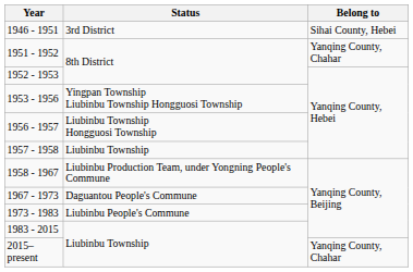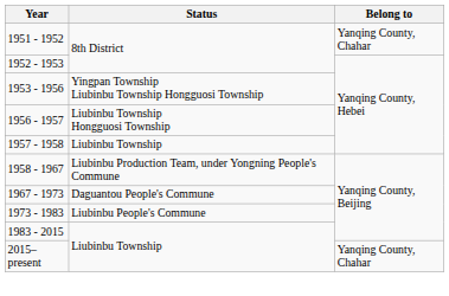 <table class="wikitable">
 <tr>
 <th>Year</th>
 <th>Status</th>
 <th>Belong to</th>
-</tr>
-<tr>
-<td>1946 - 1951</td>
-<td>3rd District</td>
-<td>Sihai County, Hebei</td>
 </tr>
 <tr>
 <td>1951 - 1952</td>
 <td rowspan="2">8th District</td>
 <td>Yanqing County, Chahar</td>
 </tr>
 <tr>
 <td>1952 - 1953</td>
 <td rowspan="4">Yanqing County, Hebei</td>
 </tr>
 <tr>
 <td>1953 - 1956</td>
 <td>Yingpan Township<br>Liubinbu Township Hongguosi Township</td>
 </tr>
 <tr>
 <td>1956 - 1957</td>
 <td>Liubinbu Township<br>Hongguosi Township</td>
 </tr>
 <tr>
 <td>1957 - 1958</td>
 <td>Liubinbu Township</td>
 </tr>
 <tr>
 <td>1958 - 1967</td>
 <td>Liubinbu Production Team, under Yongning People's Commune</td>
 <td rowspan="4">Yanqing County, Beijing</td>
 </tr>
 <tr>
 <td>1967 - 1973</td>
 <td>Daguantou People's Commune</td>
 </tr>
 <tr>
 <td>1973 - 1983</td>
 <td>Liubinbu People's Commune</td>
 </tr>
 <tr>
 <td>1983 - 2015</td>
 <td rowspan="2">Liubinbu Township</td>
 </tr>
 <tr>
 <td>2015–present</td>
 <td>Yanqing County, Chahar</td>
 </tr>
 </table>
